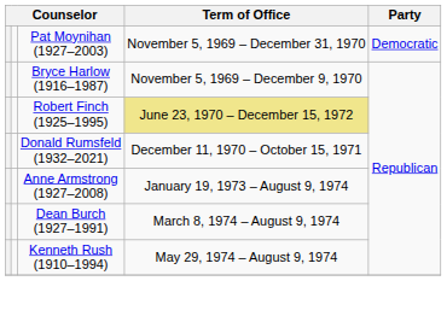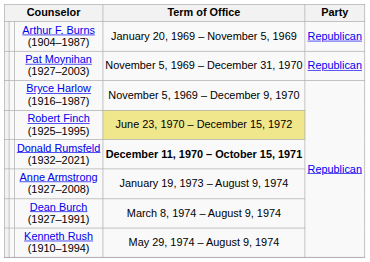 <table class="wikitable sortable" style="text-align:center">
 <tr>
 <th colspan="3">Counselor</th>
 <th>Term of Office<br></th>
 <th>Party</th>
 </tr>
 <tr>
 <th style="background:"></th>
 <td></td>
+<td><a href='#'>Arthur F. Burns</a><br>(1904–1987)</td>
+<td>January 20, 1969 – November 5, 1969<br></td>
+<td><a href='#'>Republican</a></td>
+</tr>
+<tr>
+<th style="background:"></th>
+<td></td>
 <td><a href='#'>Pat Moynihan</a><br>(1927–2003)</td>
 <td>November 5, 1969 – December 31, 1970<br></td>
-<td><a href='#'>Democratic</a></td>
+<td><a href='#'>Republican</a></td>
 </tr>
 <tr>
 <th style="background:"></th>
 <td></td>
 <td><a href='#'>Bryce Harlow</a><br>(1916–1987)</td>
 <td>November 5, 1969 – December 9, 1970<br></td>
 <td rowspan="6"><a href='#'>Republican</a></td>
 </tr>
 <tr>
 <th style="background:"></th>
 <td></td>
 <td><a href='#'>Robert Finch</a><br>(1925–1995)</td>
 <td style="background: khaki;">June 23, 1970 – December 15, 1972<br></td>
 </tr>
 <tr>
 <th style="background:"></th>
 <td></td>
 <td><a href='#'>Donald Rumsfeld</a><br>(1932–2021)<br></td>
-<td>December 11, 1970 – October 15, 1971</td>
+<td><strong>December 11, 1970 – October 15, 1971</strong></td>
 </tr>
 <tr>
 <th style="background:"></th>
 <td></td>
 <td><a href='#'>Anne Armstrong</a><br>(1927–2008)</td>
 <td>January 19, 1973 – August 9, 1974<br></td>
 </tr>
 <tr>
 <th style="background:"></th>
 <td></td>
 <td><a href='#'>Dean Burch</a><br>(1927–1991)</td>
 <td>March 8, 1974 – August 9, 1974<br></td>
 </tr>
 <tr>
 <th style="background:"></th>
 <td></td>
 <td><a href='#'>Kenneth Rush</a><br>(1910–1994)</td>
 <td>May 29, 1974 – August 9, 1974<br></td>
 </tr>
 <tr>
 </tr>
 </table>
